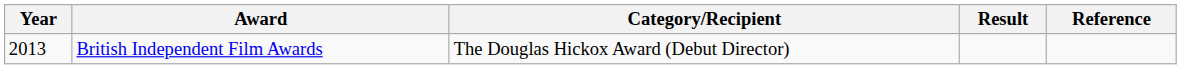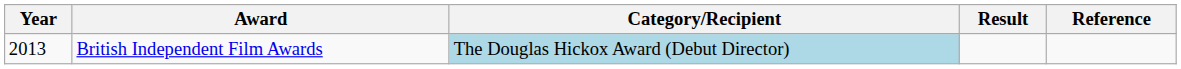 <table class="wikitable" width="80%">
 <tr>
 <th>Year</th>
 <th>Award</th>
 <th>Category/Recipient</th>
 <th>Result</th>
 <th>Reference</th>
 </tr>
 <tr>
 <td rowspan="2">2013</td>
 <td><a href='#'>British Independent Film Awards</a></td>
-<td>The Douglas Hickox Award (Debut Director)</td>
+<td style="background: lightblue;">The Douglas Hickox Award (Debut Director)</td>
 <td></td>
 </tr>
 </table>
